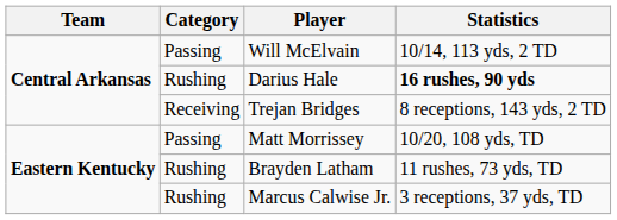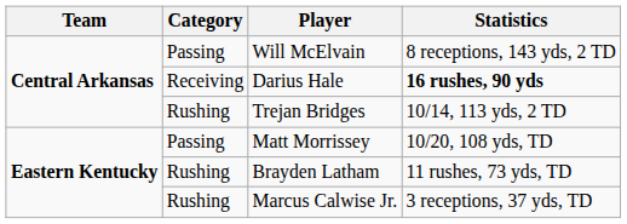 <table class="wikitable" style="float: right;">
 <tr>
 <th>Team</th>
 <th>Category</th>
 <th>Player</th>
 <th>Statistics</th>
 </tr>
 <tr>
 <td rowspan=3><strong>Central Arkansas</strong></td>
 <td>Passing</td>
 <td>Will McElvain</td>
-<td>10/14, 113 yds, 2 TD</td>
+<td>8 receptions, 143 yds, 2 TD</td>
 </tr>
 <tr>
-<td>Rushing</td>
+<td>Receiving</td>
 <td>Darius Hale</td>
 <td><strong>16 rushes, 90 yds</strong></td>
 </tr>
 <tr>
-<td>Receiving</td>
+<td>Rushing</td>
 <td>Trejan Bridges</td>
-<td>8 receptions, 143 yds, 2 TD</td>
+<td>10/14, 113 yds, 2 TD</td>
 </tr>
 <tr>
 <td rowspan=3><strong>Eastern Kentucky</strong></td>
 <td>Passing</td>
 <td>Matt Morrissey</td>
 <td>10/20, 108 yds, TD</td>
 </tr>
 <tr>
 <td>Rushing</td>
 <td>Brayden Latham</td>
 <td>11 rushes, 73 yds, TD</td>
 </tr>
 <tr>
 <td>Rushing</td>
 <td>Marcus Calwise Jr.</td>
 <td>3 receptions, 37 yds, TD</td>
 </tr>
 </table>
